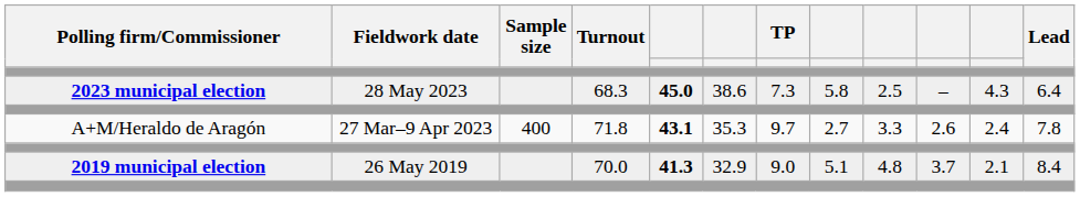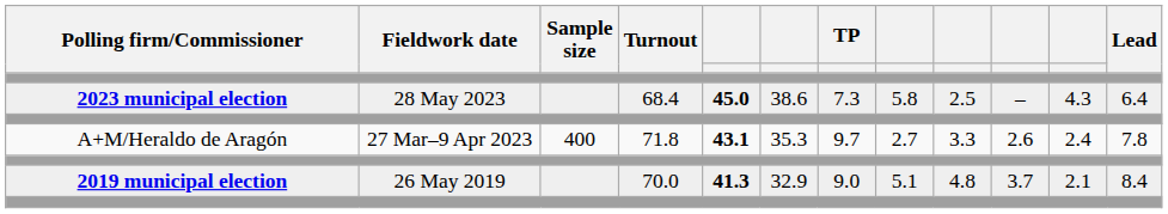 <table class="wikitable collapsible collapsed" style="text-align:center; font-size:95%; line-height:16px;">
 <tr style="height:42px;">
 <th style="width:250px;" rowspan="2">Polling firm/Commissioner</th>
 <th style="width:125px;" rowspan="2">Fieldwork date</th>
 <th style="width:50px;" rowspan="2">Sample size</th>
 <th style="width:45px;" rowspan="2">Turnout</th>
 <th style="width:35px;"></th>
 <th style="width:35px;"></th>
 <th style="width:35px;">TP</th>
 <th style="width:35px;"></th>
 <th style="width:35px;"></th>
 <th style="width:35px;"></th>
 <th style="width:35px;"></th>
 <th style="width:30px;" rowspan="2">Lead</th>
 </tr>
 <tr>
 <th style="color:inherit;background:"></th>
 <th style="color:inherit;background:"></th>
 <th style="color:inherit;background:"></th>
 <th style="color:inherit;background:"></th>
 <th style="color:inherit;background:"></th>
 <th style="color:inherit;background:"></th>
 <th style="color:inherit;background:"></th>
 </tr>
 <tr>
 <td colspan="12" style="background:#A0A0A0"></td>
 </tr>
 <tr style="background:#EFEFEF;">
 <td><strong><a href='#'>2023 municipal election</a></strong></td>
 <td>28 May 2023</td>
 <td></td>
-<td>68.3</td>
+<td>68.4</td>
 <td><strong>45.0</strong><br></td>
 <td>38.6<br></td>
 <td>7.3<br></td>
 <td>5.8<br></td>
 <td>2.5<br></td>
 <td>–</td>
 <td>4.3<br></td>
 <td style="background:">6.4</td>
 </tr>
 <tr>
 <td colspan="12" style="background:#A0A0A0"></td>
 </tr>
 <tr>
 <td>A+M/Heraldo de Aragón</td>
 <td>27 Mar–9 Apr 2023</td>
 <td>400</td>
 <td>71.8</td>
 <td><strong>43.1</strong><br></td>
 <td>35.3<br></td>
 <td>9.7<br></td>
 <td>2.7<br></td>
 <td>3.3<br></td>
 <td>2.6<br></td>
 <td>2.4<br></td>
 <td style="background:">7.8</td>
 </tr>
 <tr>
 <td colspan="12" style="background:#A0A0A0"></td>
 </tr>
 <tr style="background:#EFEFEF;">
 <td><strong><a href='#'>2019 municipal election</a></strong></td>
 <td>26 May 2019</td>
 <td></td>
 <td>70.0</td>
 <td><strong>41.3</strong><br></td>
 <td>32.9<br></td>
 <td>9.0<br></td>
 <td>5.1<br></td>
 <td>4.8<br></td>
 <td>3.7<br></td>
 <td>2.1<br></td>
 <td style="background:">8.4</td>
 </tr>
 <tr>
 <td colspan="12" style="background:#A0A0A0"></td>
 </tr>
 </table>
